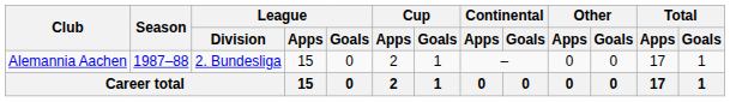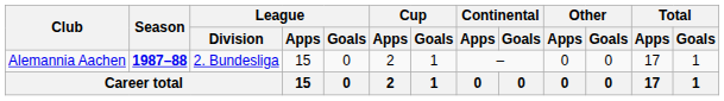 <table class="wikitable" style="text-align: center">
 <tr>
 <th rowspan="2">Club</th>
 <th rowspan="2">Season</th>
 <th colspan="3">League</th>
 <th colspan="2">Cup</th>
 <th colspan="2">Continental</th>
 <th colspan="2">Other</th>
 <th colspan="2">Total</th>
 </tr>
 <tr>
 <th>Division</th>
 <th>Apps</th>
 <th>Goals</th>
 <th>Apps</th>
 <th>Goals</th>
 <th>Apps</th>
 <th>Goals</th>
 <th>Apps</th>
 <th>Goals</th>
 <th>Apps</th>
 <th>Goals</th>
 </tr>
 <tr>
 <td><a href='#'>Alemannia Aachen</a></td>
-<td><a href='#'>1987–88</a></td>
+<td><strong><a href='#'>1987–88</a></strong></td>
 <td><a href='#'>2. Bundesliga</a></td>
 <td>15</td>
 <td>0</td>
 <td>2</td>
 <td>1</td>
 <td colspan="2">–</td>
 <td>0</td>
 <td>0</td>
 <td>17</td>
 <td>1</td>
 </tr>
 <tr>
 <th colspan="3"><strong>Career total</strong></th>
 <th>15</th>
 <th>0</th>
 <th>2</th>
 <th>1</th>
 <th>0</th>
 <th>0</th>
 <th>0</th>
 <th>0</th>
 <th>17</th>
 <th>1</th>
 </tr>
 </table>
